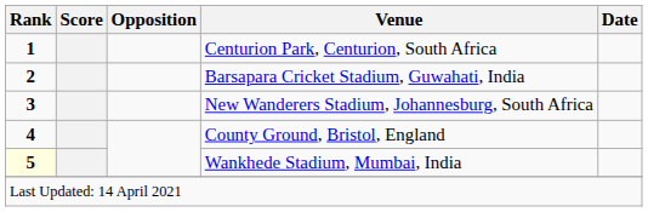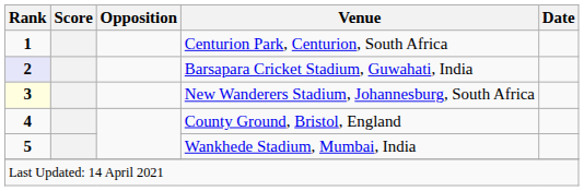 <table class="wikitable plainrowheaders sortable">
 <tr>
 <th scope=col>Rank</th>
 <th scope=col>Score</th>
 <th scope=col>Opposition</th>
 <th scope=col>Venue</th>
 <th scope=col>Date</th>
 </tr>
 <tr>
 <td align=center><strong>1</strong></td>
 <th scope=row style=text-align:center;></th>
 <td></td>
 <td><a href='#'>Centurion Park</a>, <a href='#'>Centurion</a>, South Africa</td>
 <td></td>
 </tr>
 <tr>
-<td align=center><strong>2</strong></td>
+<td align=center style="background: lavender;"><strong>2</strong></td>
 <th scope=row style=text-align:center;></th>
 <td></td>
 <td><a href='#'>Barsapara Cricket Stadium</a>, <a href='#'>Guwahati</a>, India</td>
 <td></td>
 </tr>
 <tr>
-<td align=center><strong>3</strong></td>
+<td align=center style="background: lightyellow;"><strong>3</strong></td>
 <th scope=row style=text-align:center;></th>
 <td></td>
 <td><a href='#'>New Wanderers Stadium</a>, <a href='#'>Johannesburg</a>, South Africa</td>
 <td></td>
 </tr>
 <tr>
 <td align=center><strong>4</strong></td>
 <th scope=row style=text-align:center;></th>
 <td rowspan=2></td>
 <td><a href='#'>County Ground</a>, <a href='#'>Bristol</a>, England</td>
 <td></td>
 </tr>
 <tr>
-<td align=center style="background: lightyellow;"><strong>5</strong></td>
+<td align=center><strong>5</strong></td>
 <th scope=row style=text-align:center;></th>
 <td><a href='#'>Wankhede Stadium</a>, <a href='#'>Mumbai</a>, India</td>
 <td> </td>
 </tr>
 <tr>
 </tr>
 <tr class=sortbottom>
 <td colspan=5><small>Last Updated: 14 April 2021</small></td>
 </tr>
 </table>
